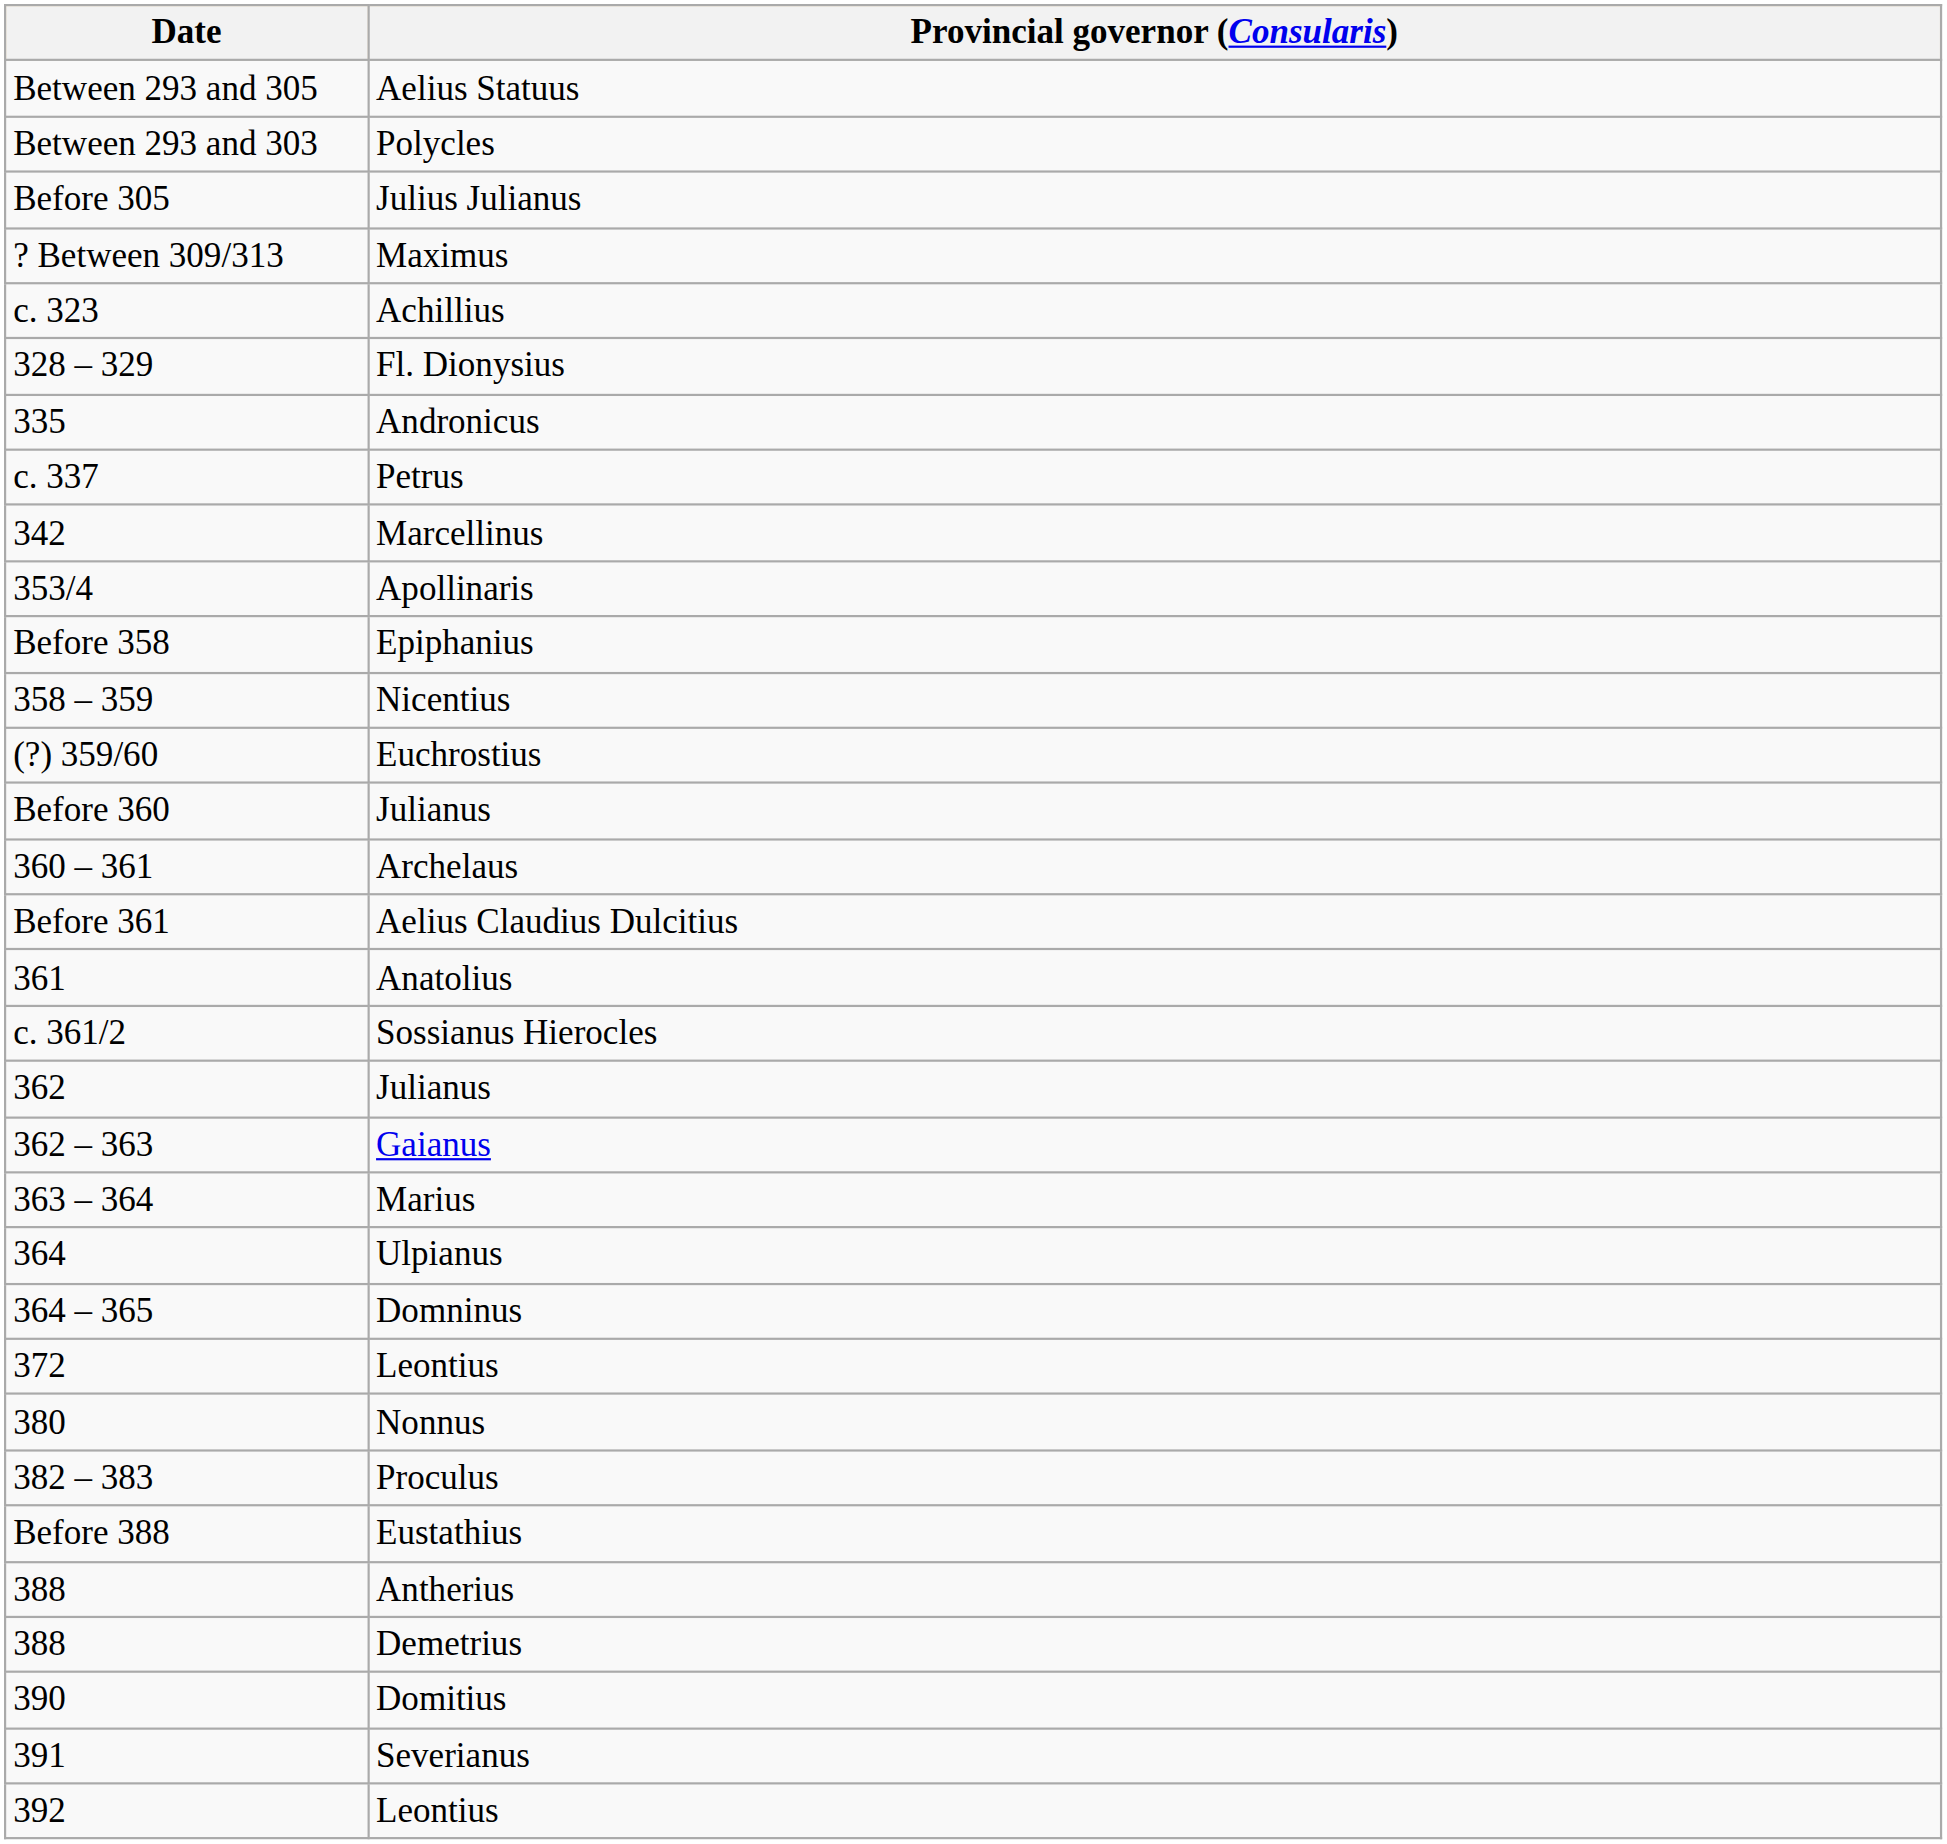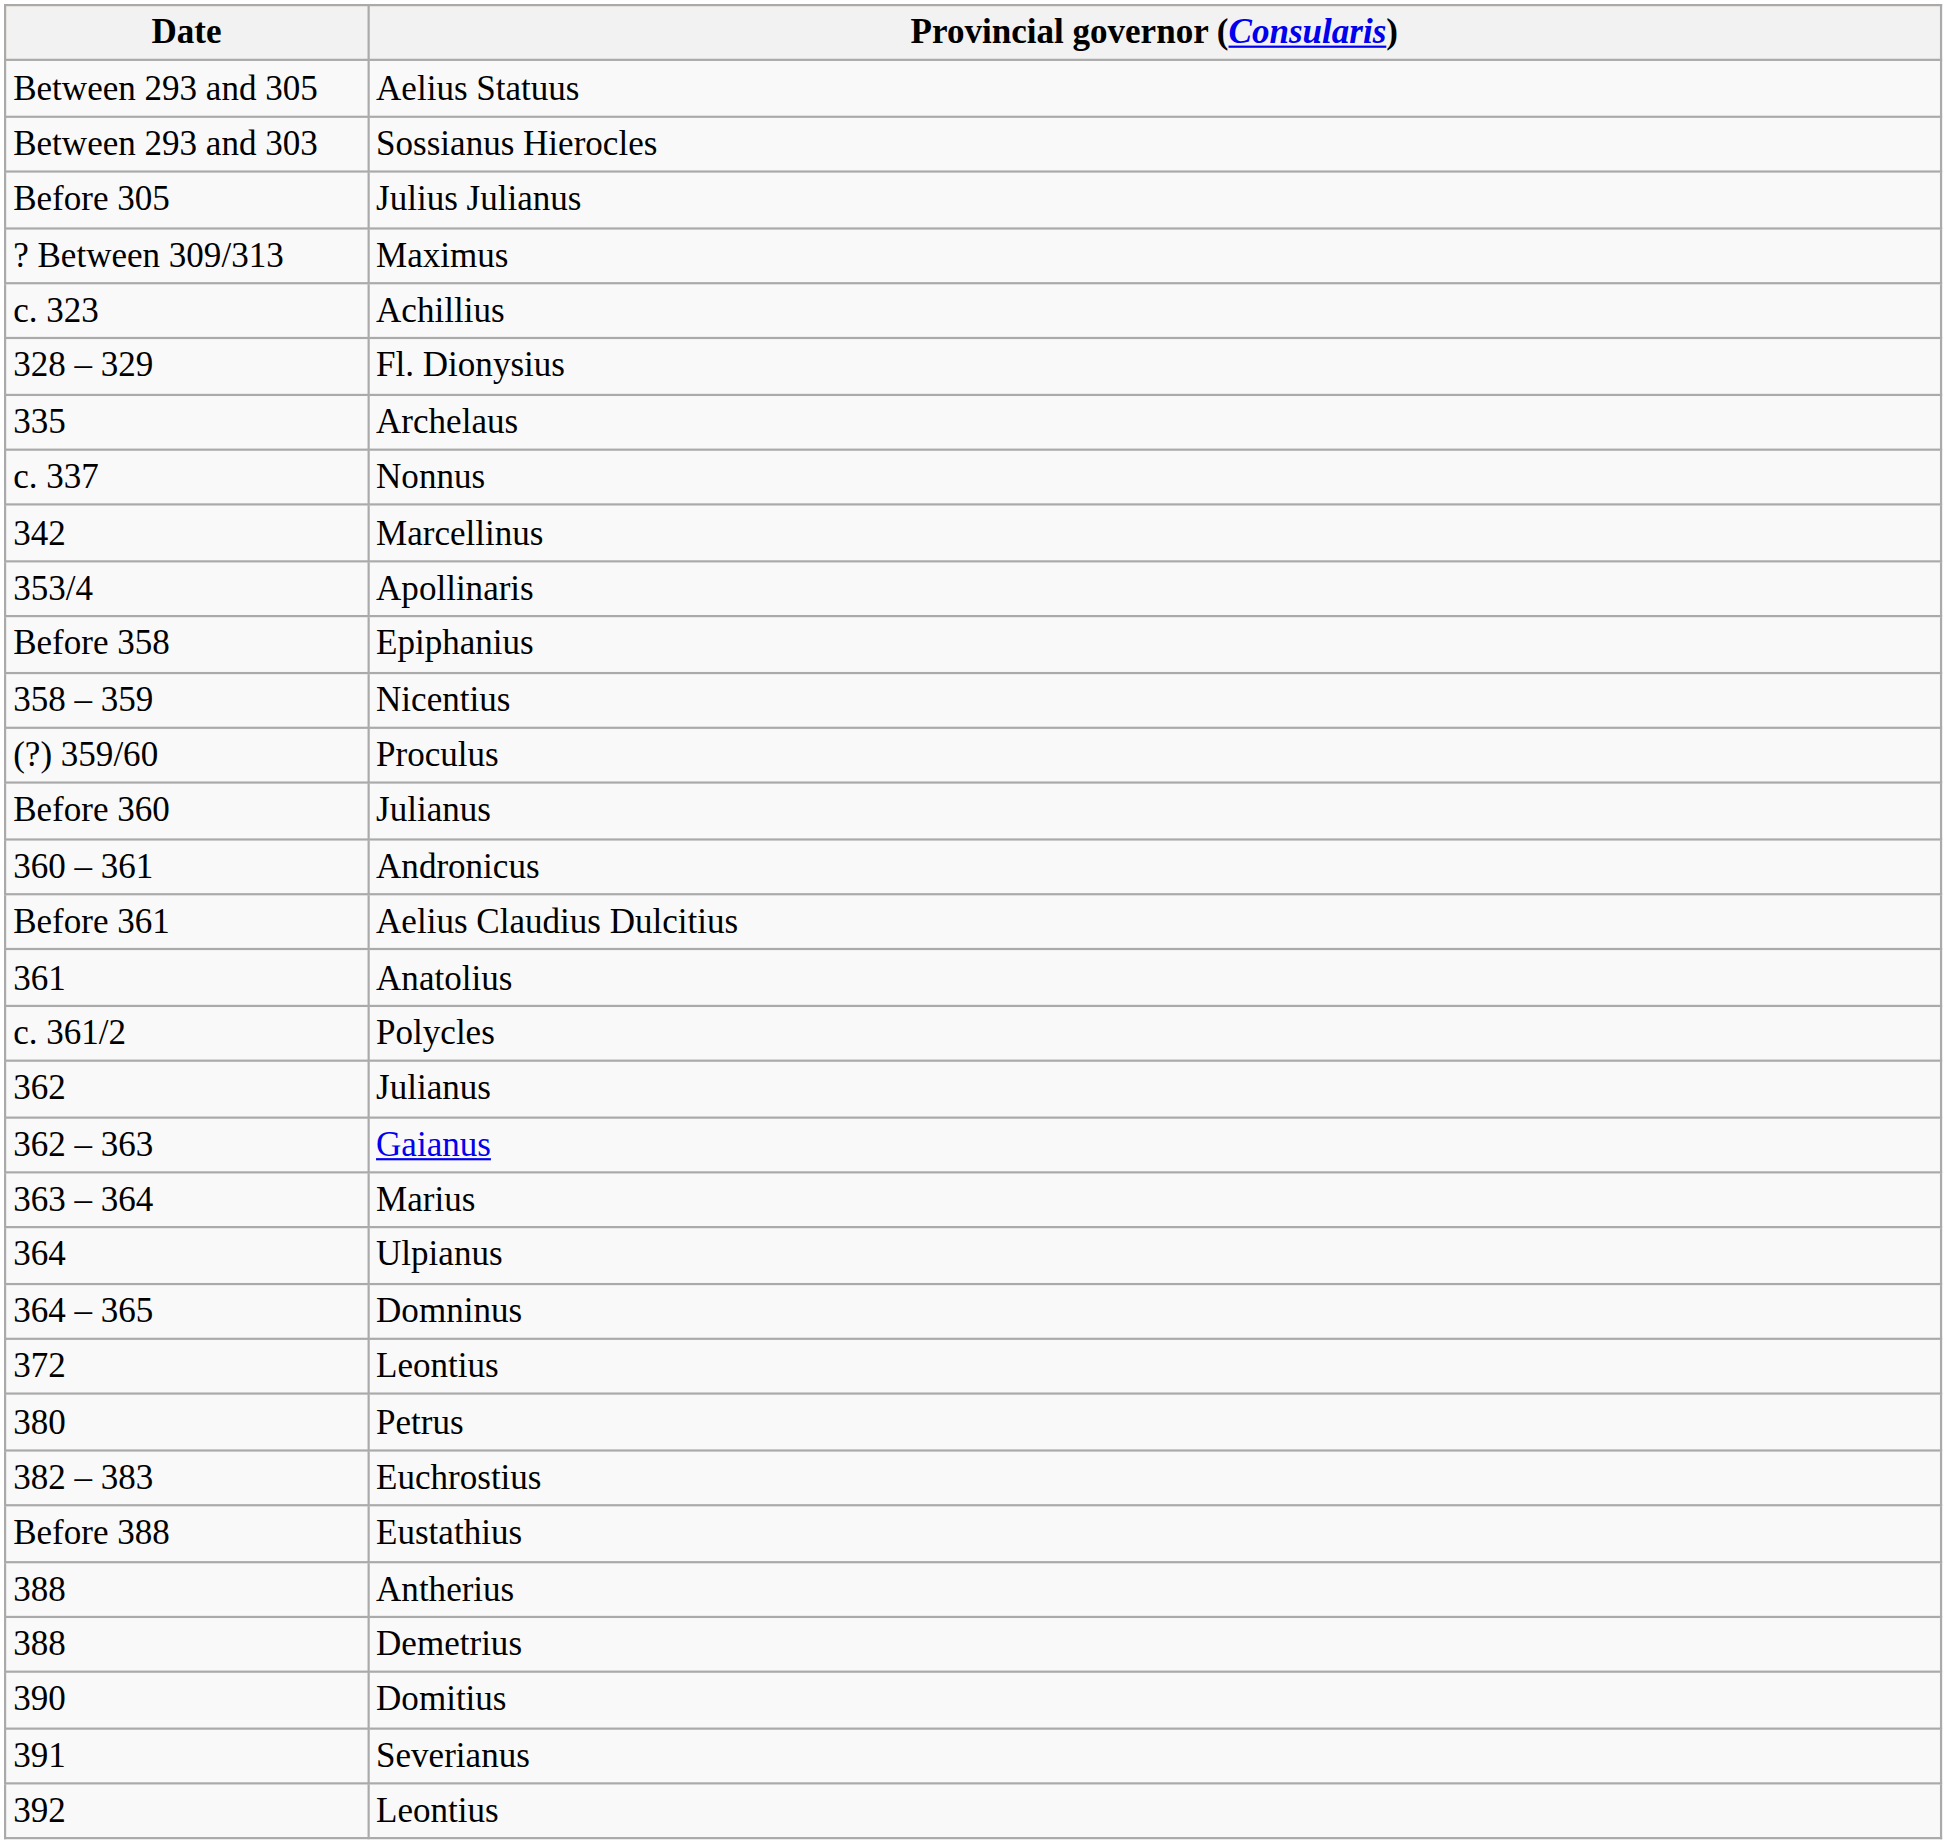 <table class="wikitable"  width="70%">
 <tr bgcolor="#FFDEAD">
 <th width="9%">Date</th>
 <th width="39%">Provincial governor (<em><a href='#'>Consularis</a></em>)</th>
 </tr>
 <tr>
 <td>Between 293 and 305</td>
 <td>Aelius Statuus</td>
 </tr>
 <tr>
 <td>Between 293 and 303</td>
-<td>Polycles</td>
+<td>Sossianus Hierocles</td>
 </tr>
 <tr>
 <td>Before 305</td>
 <td>Julius Julianus</td>
 </tr>
 <tr>
 <td>? Between 309/313</td>
 <td>Maximus</td>
 </tr>
 <tr>
 <td>c. 323</td>
 <td>Achillius</td>
 </tr>
 <tr>
 <td>328 – 329</td>
 <td>Fl. Dionysius</td>
 </tr>
 <tr>
 <td>335</td>
-<td>Andronicus</td>
+<td>Archelaus</td>
 </tr>
 <tr>
 <td>c. 337</td>
-<td>Petrus</td>
+<td>Nonnus</td>
 </tr>
 <tr>
 <td>342</td>
 <td>Marcellinus</td>
 </tr>
 <tr>
 <td>353/4</td>
 <td>Apollinaris</td>
 </tr>
 <tr>
 <td>Before 358</td>
 <td>Epiphanius</td>
 </tr>
 <tr>
 <td>358 – 359</td>
 <td>Nicentius</td>
 </tr>
 <tr>
 <td>(?) 359/60</td>
-<td>Euchrostius</td>
+<td>Proculus</td>
 </tr>
 <tr>
 <td>Before 360</td>
 <td>Julianus</td>
 </tr>
 <tr>
 <td>360 – 361</td>
-<td>Archelaus</td>
+<td>Andronicus</td>
 </tr>
 <tr>
 <td>Before 361</td>
 <td>Aelius Claudius Dulcitius</td>
 </tr>
 <tr>
 <td>361</td>
 <td>Anatolius</td>
 </tr>
 <tr>
 <td>c. 361/2</td>
-<td>Sossianus Hierocles</td>
+<td>Polycles</td>
 </tr>
 <tr>
 <td>362</td>
 <td>Julianus</td>
 </tr>
 <tr>
 <td>362 – 363</td>
 <td><a href='#'>Gaianus</a></td>
 </tr>
 <tr>
 <td>363 – 364</td>
 <td>Marius</td>
 </tr>
 <tr>
 <td>364</td>
 <td>Ulpianus</td>
 </tr>
 <tr>
 <td>364 – 365</td>
 <td>Domninus</td>
 </tr>
 <tr>
 <td>372</td>
 <td>Leontius</td>
 </tr>
 <tr>
 <td>380</td>
-<td>Nonnus</td>
+<td>Petrus</td>
 </tr>
 <tr>
 <td>382 – 383</td>
-<td>Proculus</td>
+<td>Euchrostius</td>
 </tr>
 <tr>
 <td>Before 388</td>
 <td>Eustathius</td>
 </tr>
 <tr>
 <td>388</td>
 <td>Antherius</td>
 </tr>
 <tr>
 <td>388</td>
 <td>Demetrius</td>
 </tr>
 <tr>
 <td>390</td>
 <td>Domitius</td>
 </tr>
 <tr>
 <td>391</td>
 <td>Severianus</td>
 </tr>
 <tr>
 <td>392</td>
 <td>Leontius</td>
 </tr>
 </table>
